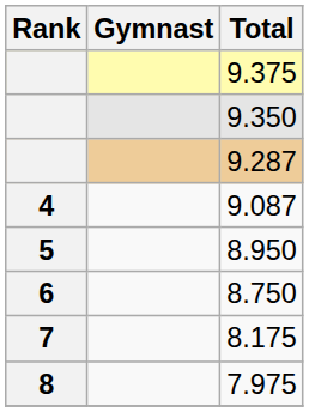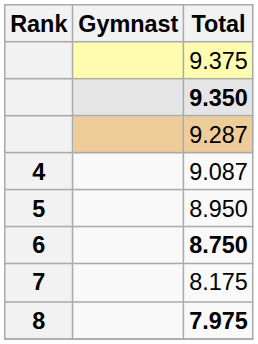 <table class="wikitable sortable" style="text-align:center; font-size:95%">
 <tr>
 <th scope=col>Rank</th>
 <th scope=col>Gymnast</th>
 <th scope=col>Total</th>
 </tr>
 <tr bgcolor=fffcaf>
 <th scope=row style="text-align:center"></th>
 <td align=left></td>
 <td>9.375</td>
 </tr>
 <tr bgcolor=e5e5e5>
 <th scope=row style="text-align:center"></th>
 <td align=left></td>
-<td>9.350</td>
+<td><strong>9.350</strong></td>
 </tr>
 <tr bgcolor=eecc99>
 <th scope=row style="text-align:center"></th>
 <td align=left></td>
 <td>9.287</td>
 </tr>
 <tr>
 <th scope=row style="text-align:center">4</th>
 <td align=left></td>
 <td>9.087</td>
 </tr>
 <tr>
 <th scope=row style="text-align:center">5</th>
 <td align=left></td>
 <td>8.950</td>
 </tr>
 <tr>
 <th scope=row style="text-align:center">6</th>
 <td align=left></td>
-<td>8.750</td>
+<td><strong>8.750</strong></td>
 </tr>
 <tr>
 <th scope=row style="text-align:center">7</th>
 <td align=left></td>
 <td>8.175</td>
 </tr>
 <tr>
 <th scope=row style="text-align:center">8</th>
 <td align=left></td>
-<td>7.975</td>
+<td><strong>7.975</strong></td>
 </tr>
 <tr>
 </tr>
 </table>
